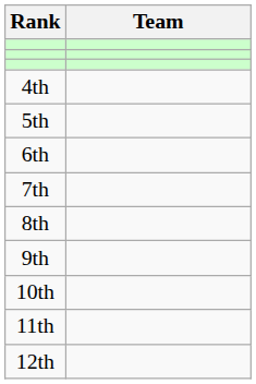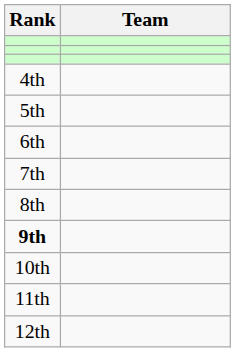 <table class=wikitable style="text-align:center;">
 <tr>
 <th>Rank</th>
 <th width=130>Team</th>
 </tr>
 <tr bgcolor=#ccffcc>
 <td></td>
 <td align=left></td>
 </tr>
 <tr bgcolor=#ccffcc>
 <td></td>
 <td align=left></td>
 </tr>
 <tr bgcolor=#ccffcc>
 <td></td>
 <td align=left></td>
 </tr>
 <tr>
 <td>4th</td>
 <td align=left></td>
 </tr>
 <tr>
 <td>5th</td>
 <td align=left></td>
 </tr>
 <tr>
 <td>6th</td>
 <td align=left></td>
 </tr>
 <tr>
 <td>7th</td>
 <td align=left></td>
 </tr>
 <tr>
 <td>8th</td>
 <td align=left></td>
 </tr>
 <tr>
-<td>9th</td>
+<td><strong>9th</strong></td>
 <td align=left></td>
 </tr>
 <tr>
 <td>10th</td>
 <td align=left></td>
 </tr>
 <tr>
 <td>11th</td>
 <td align=left></td>
 </tr>
 <tr>
 <td>12th</td>
 <td align=left></td>
 </tr>
 </table>
